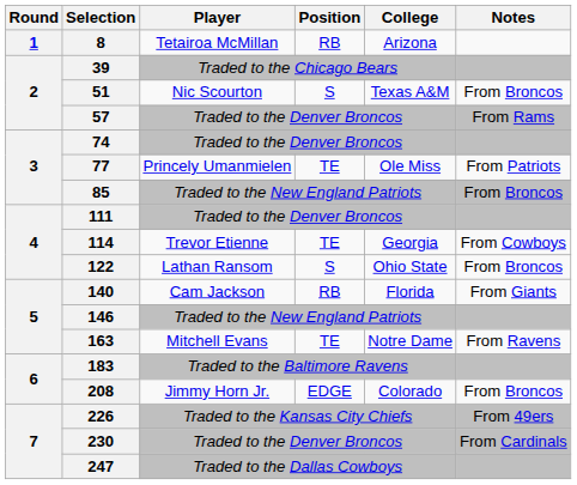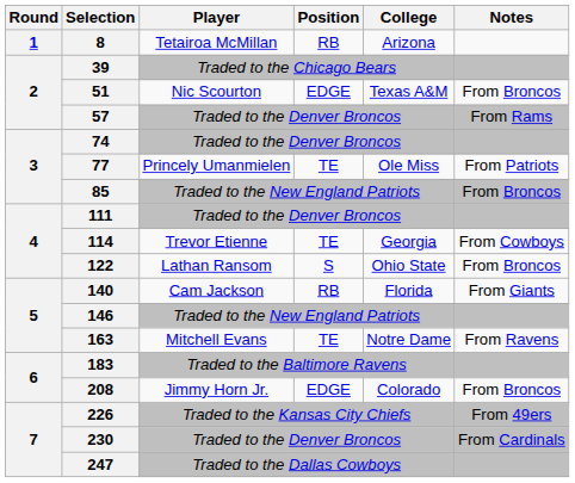 <table class="wikitable" style="text-align:center">
 <tr>
 <th>Round</th>
 <th>Selection</th>
 <th>Player</th>
 <th>Position</th>
 <th>College</th>
 <th>Notes</th>
 </tr>
 <tr>
 <th><a href='#'>1</a></th>
 <th>8</th>
 <td><a href='#'>Tetairoa McMillan</a></td>
 <td><a href='#'>RB</a></td>
 <td><a href='#'>Arizona</a></td>
 <td></td>
 </tr>
 <tr>
 <th rowspan="3">2</th>
 <th>39</th>
 <td colspan="3" style="background:#BFBFBF"><em>Traded to the <a href='#'>Chicago Bears</a></em></td>
 <td style="background:#BFBFBF"></td>
 </tr>
 <tr>
 <th>51</th>
 <td><a href='#'>Nic Scourton</a></td>
-<td><a href='#'>S</a></td>
+<td><a href='#'>EDGE</a></td>
 <td><a href='#'>Texas A&M</a></td>
 <td>From <a href='#'>Broncos</a></td>
 </tr>
 <tr>
 <th>57</th>
 <td colspan="3" style="background:#BFBFBF"><em>Traded to the <a href='#'>Denver Broncos</a></em></td>
 <td style="background:#BFBFBF">From <a href='#'>Rams</a></td>
 </tr>
 <tr>
 <th rowspan="3">3</th>
 <th>74</th>
 <td colspan="3" style="background:#BFBFBF"><em>Traded to the <a href='#'>Denver Broncos</a></em></td>
 <td style="background:#BFBFBF"></td>
 </tr>
 <tr>
 <th>77</th>
 <td><a href='#'>Princely Umanmielen</a></td>
 <td><a href='#'>TE</a></td>
 <td><a href='#'>Ole Miss</a></td>
 <td>From <a href='#'>Patriots</a></td>
 </tr>
 <tr>
 <th>85</th>
 <td colspan="3" style="background:#BFBFBF"><em>Traded to the <a href='#'>New England Patriots</a></em></td>
 <td style="background:#BFBFBF">From <a href='#'>Broncos</a></td>
 </tr>
 <tr>
 <th rowspan="3">4</th>
 <th>111</th>
 <td colspan="3" style="background:#BFBFBF"><em>Traded to the <a href='#'>Denver Broncos</a></em></td>
 <td style="background:#BFBFBF"></td>
 </tr>
 <tr>
 <th>114</th>
 <td><a href='#'>Trevor Etienne</a></td>
 <td><a href='#'>TE</a></td>
 <td><a href='#'>Georgia</a></td>
 <td>From <a href='#'>Cowboys</a></td>
 </tr>
 <tr>
 <th>122</th>
 <td><a href='#'>Lathan Ransom</a></td>
 <td><a href='#'>S</a></td>
 <td><a href='#'>Ohio State</a></td>
 <td>From <a href='#'>Broncos</a></td>
 </tr>
 <tr>
 <th rowspan="3">5</th>
 <th>140</th>
 <td><a href='#'>Cam Jackson</a></td>
 <td><a href='#'>RB</a></td>
 <td><a href='#'>Florida</a></td>
 <td>From <a href='#'>Giants</a></td>
 </tr>
 <tr>
 <th>146</th>
 <td colspan="3" style="background:#BFBFBF"><em>Traded to the <a href='#'>New England Patriots</a></em></td>
 <td style="background:#BFBFBF"></td>
 </tr>
 <tr>
 <th>163</th>
 <td><a href='#'>Mitchell Evans</a></td>
 <td><a href='#'>TE</a></td>
 <td><a href='#'>Notre Dame</a></td>
 <td>From <a href='#'>Ravens</a></td>
 </tr>
 <tr>
 <th rowspan="2">6</th>
 <th>183</th>
 <td colspan="3" style="background:#BFBFBF"><em>Traded to the <a href='#'>Baltimore Ravens</a></em></td>
 <td style="background:#BFBFBF"></td>
 </tr>
 <tr>
 <th>208</th>
 <td><a href='#'>Jimmy Horn Jr.</a></td>
 <td><a href='#'>EDGE</a></td>
 <td><a href='#'>Colorado</a></td>
 <td>From <a href='#'>Broncos</a></td>
 </tr>
 <tr>
 <th rowspan="3">7</th>
 <th>226</th>
 <td colspan="3" style="background:#BFBFBF"><em>Traded to the <a href='#'>Kansas City Chiefs</a></em></td>
 <td style="background:#BFBFBF">From <a href='#'>49ers</a></td>
 </tr>
 <tr>
 <th>230</th>
 <td colspan="3" style="background:#BFBFBF"><em>Traded to the <a href='#'>Denver Broncos</a></em></td>
 <td style="background:#BFBFBF">From <a href='#'>Cardinals</a></td>
 </tr>
 <tr>
 <th>247</th>
 <td colspan="3" style="background:#BFBFBF"><em>Traded to the <a href='#'>Dallas Cowboys</a></em></td>
 <td style="background:#BFBFBF"></td>
 </tr>
 </table>
